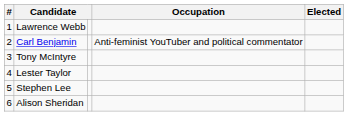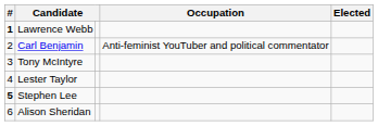 <table class="wikitable">
 <tr>
 <th>#</th>
 <th colspan="2">Candidate</th>
 <th>Occupation</th>
 <th>Elected</th>
 </tr>
 <tr>
-<td>1</td>
+<td><strong>1</strong></td>
 <td>Lawrence Webb</td>
 <td></td>
 <td></td>
 <td></td>
 </tr>
 <tr>
 <td>2</td>
 <td><a href='#'>Carl Benjamin</a></td>
 <td></td>
 <td>Anti-feminist YouTuber and political commentator</td>
 <td></td>
 </tr>
 <tr>
 <td>3</td>
 <td>Tony McIntyre</td>
 <td></td>
 <td></td>
 <td></td>
 </tr>
 <tr>
 <td>4</td>
 <td>Lester Taylor</td>
 <td></td>
 <td></td>
 <td></td>
 </tr>
 <tr>
-<td>5</td>
+<td><strong>5</strong></td>
 <td>Stephen Lee</td>
 <td></td>
 <td></td>
 <td></td>
 </tr>
 <tr>
 <td>6</td>
 <td>Alison Sheridan</td>
 <td></td>
 <td></td>
 <td></td>
 </tr>
 </table>
